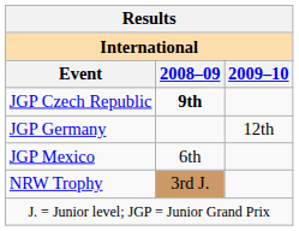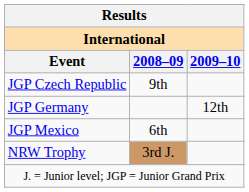 <table class="wikitable" style="text-align:center">
 <tr>
 <th colspan=3 align=center><strong>Results</strong></th>
 </tr>
 <tr>
 <th style="background-color: #ffdead; " colspan=3 align=center><strong>International</strong></th>
 </tr>
 <tr>
 <th>Event</th>
 <th><a href='#'>2008–09</a></th>
 <th><a href='#'>2009–10</a></th>
 </tr>
 <tr>
 <td align=left><a href='#'>JGP Czech Republic</a></td>
-<td><strong>9th</strong></td>
+<td>9th</td>
 <td></td>
 </tr>
 <tr>
 <td align=left><a href='#'>JGP Germany</a></td>
 <td></td>
 <td>12th</td>
 </tr>
 <tr>
 <td align=left><a href='#'>JGP Mexico</a></td>
 <td>6th</td>
 <td></td>
 </tr>
 <tr>
 <td align=left><a href='#'>NRW Trophy</a></td>
 <td bgcolor=cc9966>3rd J.</td>
 <td></td>
 </tr>
 <tr>
 <td colspan=3 align=center><small> J. = Junior level; JGP = Junior Grand Prix </small></td>
 </tr>
 </table>
